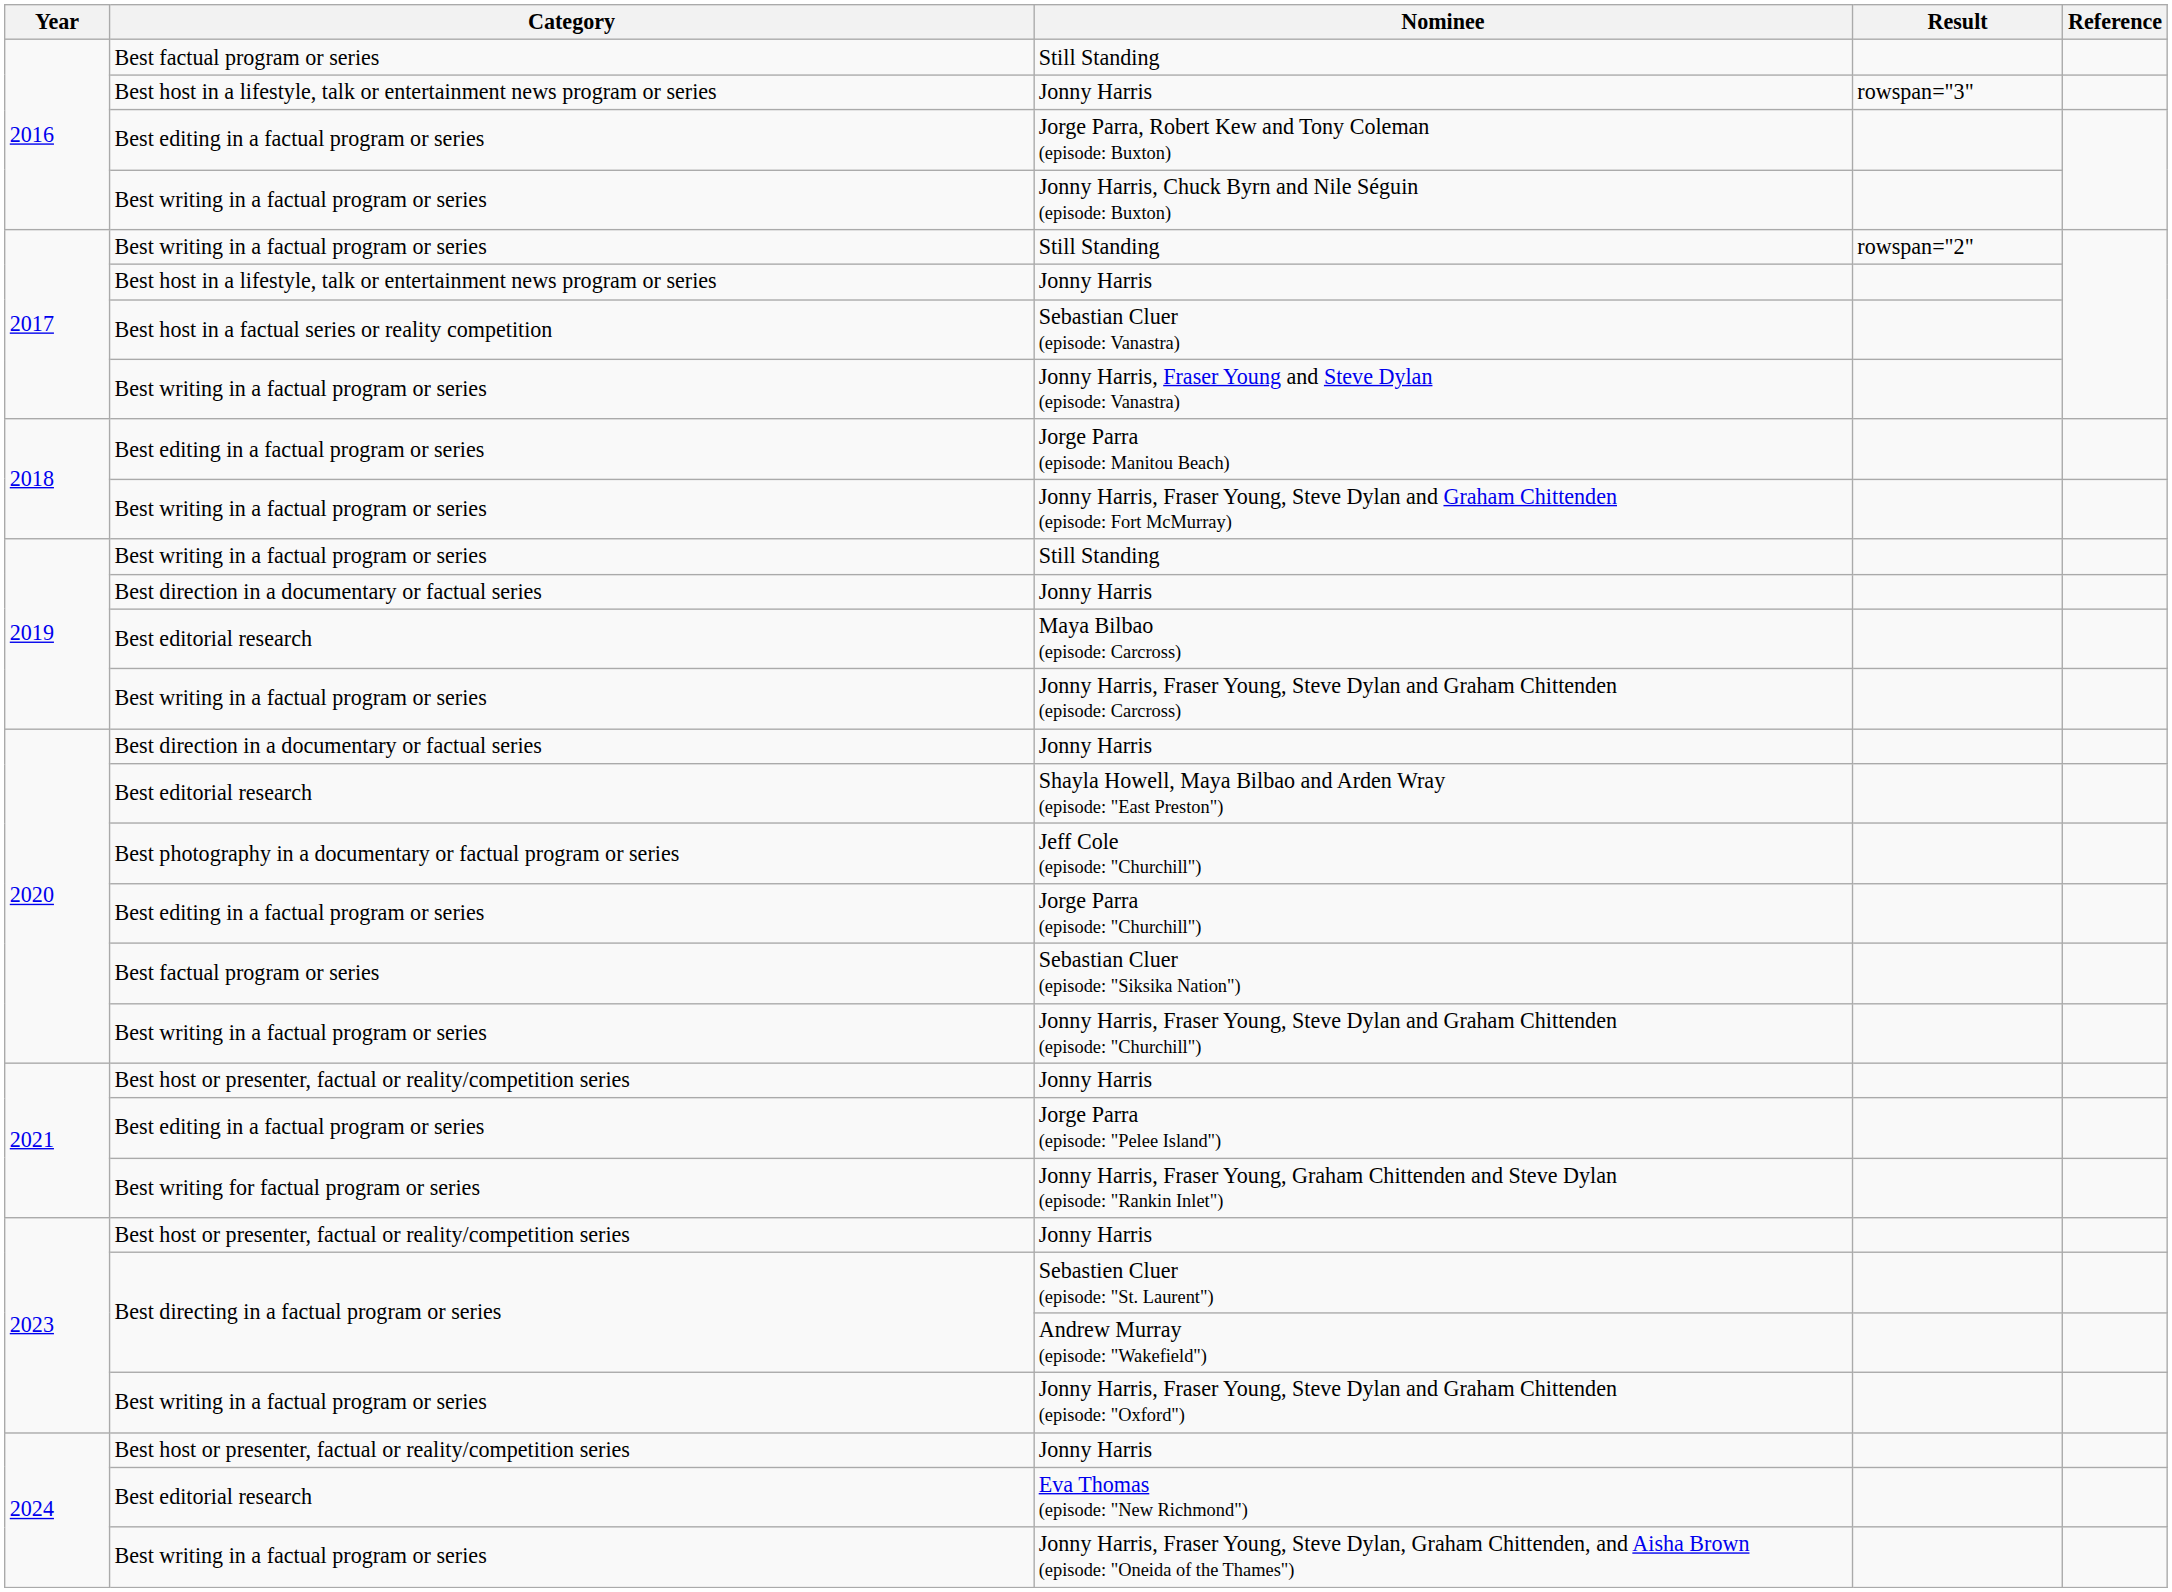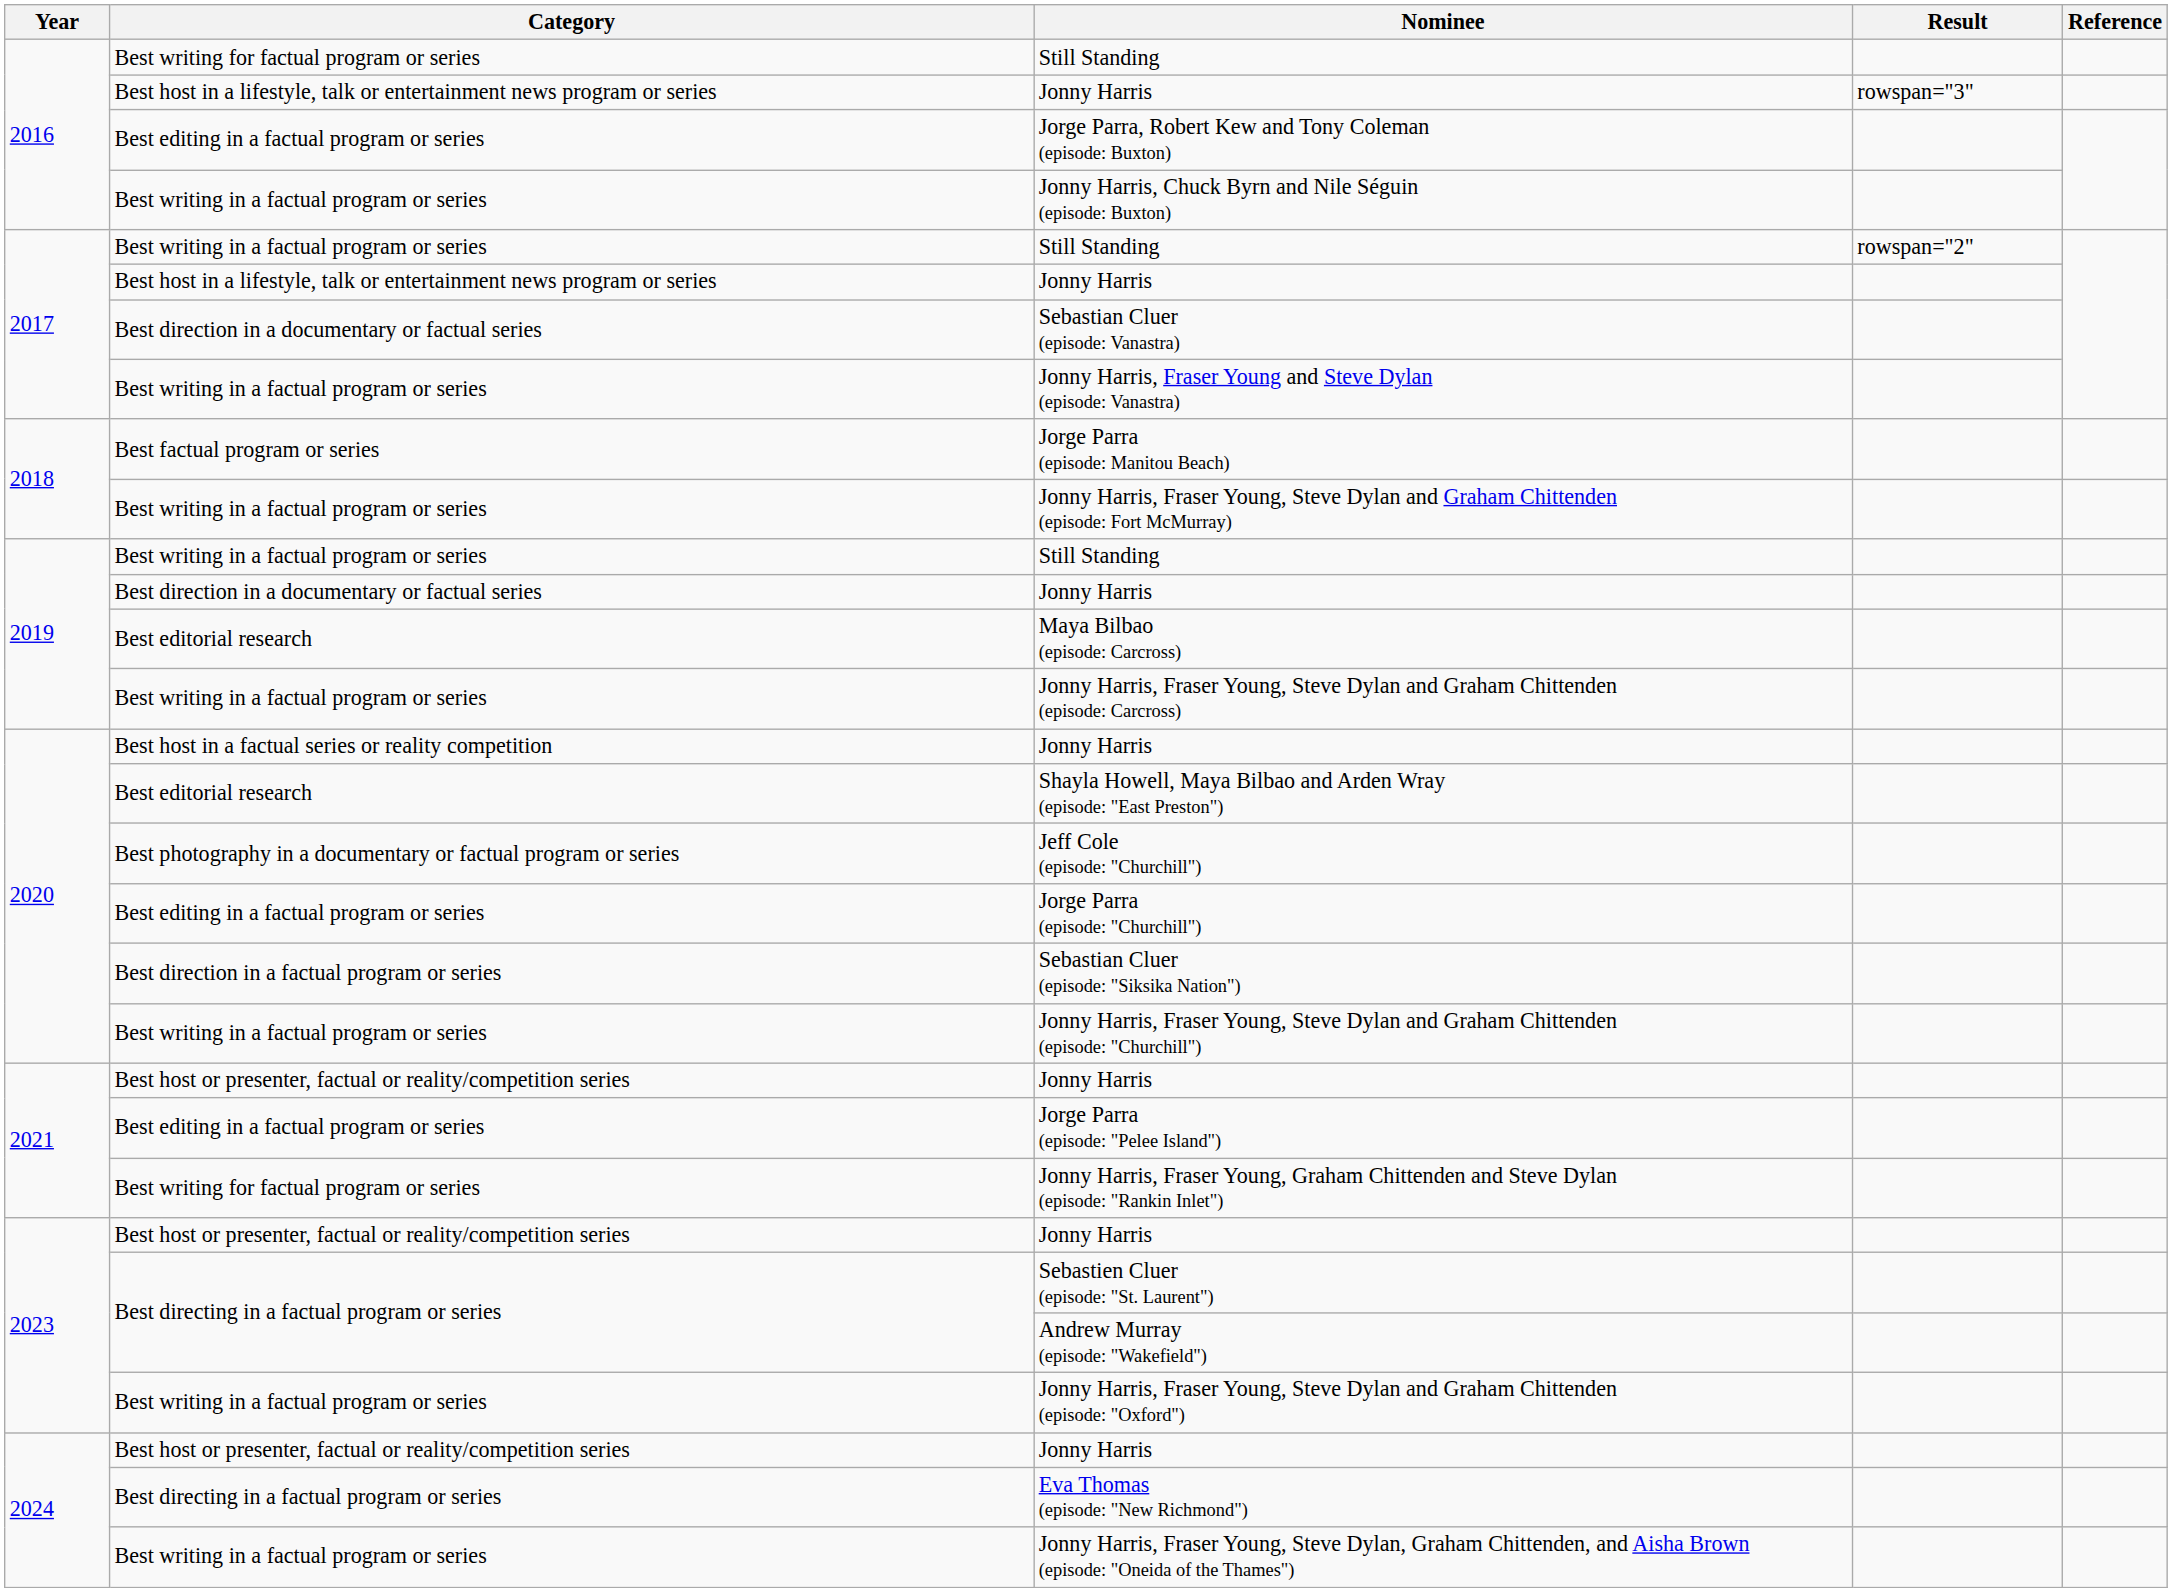 <table class="wikitable">
 <tr>
 <th width=5%>Year</th>
 <th width=45%>Category</th>
 <th width=40%>Nominee</th>
 <th width=10%>Result</th>
 <th width=5%>Reference</th>
 </tr>
 <tr>
 <td rowspan="4"><a href='#'>2016</a></td>
-<td>Best factual program or series</td>
+<td>Best writing for factual program or series</td>
 <td>Still Standing</td>
 <td></td>
 <td></td>
 </tr>
 <tr>
 <td>Best host in a lifestyle, talk or entertainment news program or series</td>
 <td>Jonny Harris</td>
 <td>rowspan="3" </td>
 <td></td>
 </tr>
 <tr>
 <td>Best editing in a factual program or series</td>
 <td>Jorge Parra, Robert Kew and Tony Coleman<br><small>(episode: Buxton)</small></td>
 <td></td>
 </tr>
 <tr>
 <td>Best writing in a factual program or series</td>
 <td>Jonny Harris, Chuck Byrn and Nile Séguin<br><small>(episode: Buxton)</small></td>
 <td></td>
 </tr>
 <tr>
 <td rowspan="4"><a href='#'>2017</a></td>
 <td>Best writing in a factual program or series</td>
 <td>Still Standing</td>
 <td>rowspan="2" </td>
 <td rowspan="4"></td>
 </tr>
 <tr>
 <td>Best host in a lifestyle, talk or entertainment news program or series</td>
 <td>Jonny Harris</td>
 </tr>
 <tr>
-<td>Best host in a factual series or reality competition</td>
+<td>Best direction in a documentary or factual series</td>
 <td>Sebastian Cluer<br><small>(episode: Vanastra)</small></td>
 <td></td>
 </tr>
 <tr>
 <td>Best writing in a factual program or series</td>
 <td>Jonny Harris, <a href='#'>Fraser Young</a> and <a href='#'>Steve Dylan</a><br><small>(episode: Vanastra)</small></td>
 <td></td>
 </tr>
 <tr>
 <td rowspan="2"><a href='#'>2018</a></td>
-<td>Best editing in a factual program or series</td>
+<td>Best factual program or series</td>
 <td>Jorge Parra<br><small>(episode: Manitou Beach)</small></td>
 <td></td>
 <td></td>
 </tr>
 <tr>
 <td>Best writing in a factual program or series</td>
 <td>Jonny Harris, Fraser Young, Steve Dylan and <a href='#'>Graham Chittenden</a><br><small>(episode: Fort McMurray)</small></td>
 <td></td>
 <td></td>
 </tr>
 <tr>
 <td rowspan="4"><a href='#'>2019</a></td>
 <td>Best writing in a factual program or series</td>
 <td>Still Standing</td>
 <td></td>
 <td></td>
 </tr>
 <tr>
 <td>Best direction in a documentary or factual series</td>
 <td>Jonny Harris</td>
 <td></td>
 <td></td>
 </tr>
 <tr>
 <td>Best editorial research</td>
 <td>Maya Bilbao<br><small>(episode: Carcross)</small></td>
 <td></td>
 <td></td>
 </tr>
 <tr>
 <td>Best writing in a factual program or series</td>
 <td>Jonny Harris, Fraser Young, Steve Dylan and Graham Chittenden<br><small>(episode: Carcross)</small></td>
 <td></td>
 <td></td>
 </tr>
 <tr>
 <td rowspan="6"><a href='#'>2020</a></td>
-<td>Best direction in a documentary or factual series</td>
+<td>Best host in a factual series or reality competition</td>
 <td>Jonny Harris</td>
 <td></td>
 <td></td>
 </tr>
 <tr>
 <td>Best editorial research</td>
 <td>Shayla Howell, Maya Bilbao and Arden Wray<br><small>(episode: "East Preston")</small></td>
 <td></td>
 <td></td>
 </tr>
 <tr>
 <td>Best photography in a documentary or factual program or series</td>
 <td>Jeff Cole<br><small>(episode: "Churchill")</small></td>
 <td></td>
 <td></td>
 </tr>
 <tr>
 <td>Best editing in a factual program or series</td>
 <td>Jorge Parra<br><small>(episode: "Churchill")</small></td>
 <td></td>
 <td></td>
 </tr>
 <tr>
-<td>Best factual program or series</td>
+<td>Best direction in a factual program or series</td>
 <td>Sebastian Cluer<br><small>(episode: "Siksika Nation")</small></td>
 <td></td>
 <td></td>
 </tr>
 <tr>
 <td>Best writing in a factual program or series</td>
 <td>Jonny Harris, Fraser Young, Steve Dylan and Graham Chittenden<br><small>(episode: "Churchill")</small></td>
 <td></td>
 <td></td>
 </tr>
 <tr>
 <td rowspan="3"><a href='#'>2021</a></td>
 <td>Best host or presenter, factual or reality/competition series</td>
 <td>Jonny Harris</td>
 <td></td>
 <td></td>
 </tr>
 <tr>
 <td>Best editing in a factual program or series</td>
 <td>Jorge Parra<br><small>(episode: "Pelee Island")</small></td>
 <td></td>
 <td></td>
 </tr>
 <tr>
 <td>Best writing for factual program or series</td>
 <td>Jonny Harris, Fraser Young, Graham Chittenden and Steve Dylan<br><small>(episode: "Rankin Inlet")</small></td>
 <td></td>
 <td></td>
 </tr>
 <tr>
 <td rowspan="4"><a href='#'>2023</a></td>
 <td>Best host or presenter, factual or reality/competition series</td>
 <td>Jonny Harris</td>
 <td></td>
 <td></td>
 </tr>
 <tr>
 <td rowspan="2">Best directing in a factual program or series</td>
 <td>Sebastien Cluer<br><small>(episode: "St. Laurent")</small></td>
 <td></td>
 <td></td>
 </tr>
 <tr>
 <td>Andrew Murray<br><small>(episode: "Wakefield")</small></td>
 <td></td>
 <td></td>
 </tr>
 <tr>
 <td>Best writing in a factual program or series</td>
 <td>Jonny Harris, Fraser Young, Steve Dylan and Graham Chittenden<br><small>(episode: "Oxford")</small></td>
 <td></td>
 <td></td>
 </tr>
 <tr>
 <td rowspan="4"><a href='#'>2024</a></td>
 <td>Best host or presenter, factual or reality/competition series</td>
 <td>Jonny Harris</td>
 <td></td>
 <td></td>
 </tr>
 <tr>
-<td>Best editorial research</td>
+<td>Best directing in a factual program or series</td>
 <td><a href='#'>Eva Thomas</a><br><small>(episode: "New Richmond")</small></td>
 <td></td>
 <td></td>
 </tr>
 <tr>
 <td>Best writing in a factual program or series</td>
 <td>Jonny Harris, Fraser Young, Steve Dylan, Graham Chittenden, and <a href='#'>Aisha Brown</a><br><small>(episode: "Oneida of the Thames")</small></td>
 <td></td>
 <td></td>
 </tr>
 </table>
